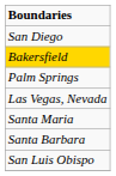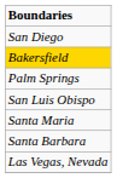 <table class="wikitable">
 <tr>
 <td><strong>Boundaries</strong></td>
 </tr>
 <tr>
 <td><em>San Diego</em></td>
 </tr>
 <tr>
 <td style="background: gold;"><em>Bakersfield</em></td>
 </tr>
 <tr>
 <td><em>Palm Springs</em></td>
 </tr>
 <tr>
-<td><em>Las Vegas, Nevada</em></td>
+<td><em>San Luis Obispo</em></td>
 </tr>
 <tr>
 <td><em>Santa Maria</em></td>
 </tr>
 <tr>
 <td><em>Santa Barbara</em></td>
 </tr>
 <tr>
-<td><em>San Luis Obispo</em></td>
+<td><em>Las Vegas, Nevada</em></td>
 </tr>
 <tr>
 </tr>
 </table>
